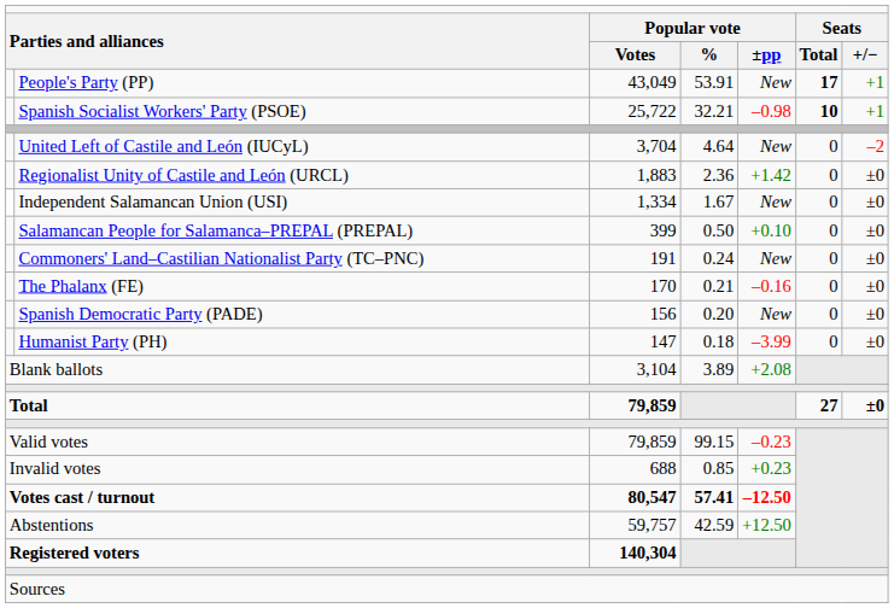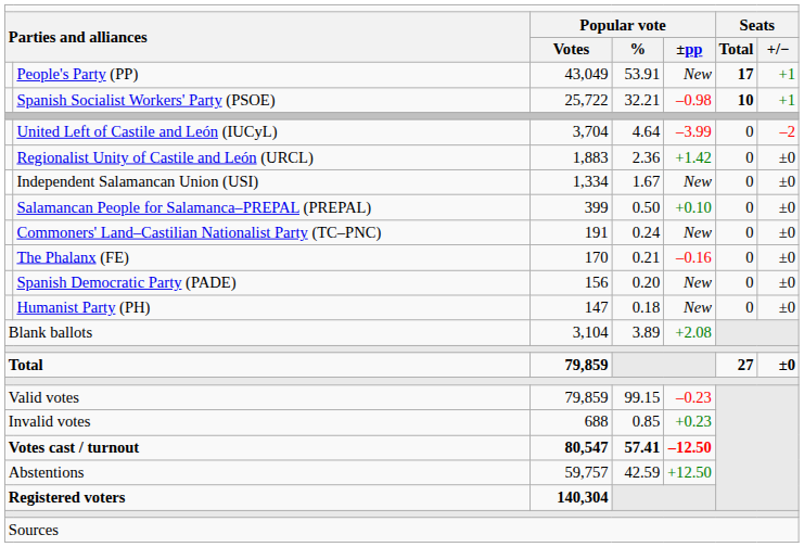 <table class="wikitable" style="text-align:right;">
 <tr>
 <td colspan="7"></td>
 </tr>
 <tr>
 <th style="text-align:left;" rowspan="2" colspan="2" width="525">Parties and alliances</th>
 <th colspan="3">Popular vote</th>
 <th colspan="2">Seats</th>
 </tr>
 <tr>
 <th width="75">Votes</th>
 <th width="45">%</th>
 <th width="45">±<a href='#'>pp</a></th>
 <th width="35">Total</th>
 <th width="35">+/−</th>
 </tr>
 <tr>
 <td width="1" style="color:inherit;background:"></td>
 <td align="left"><a href='#'>People's Party</a> (PP)</td>
 <td>43,049</td>
 <td>53.91</td>
 <td><em>New</em></td>
 <td><strong>17</strong></td>
 <td style="color:green;">+1</td>
 </tr>
 <tr>
 <td style="color:inherit;background:"></td>
 <td align="left"><a href='#'>Spanish Socialist Workers' Party</a> (PSOE)</td>
 <td>25,722</td>
 <td>32.21</td>
 <td style="color:red;">–0.98</td>
 <td><strong>10</strong></td>
 <td style="color:green;">+1</td>
 </tr>
 <tr>
 <td colspan="7" bgcolor="#C0C0C0"></td>
 </tr>
 <tr>
 <td style="color:inherit;background:"></td>
 <td align="left"><a href='#'>United Left of Castile and León</a> (IUCyL)</td>
 <td>3,704</td>
 <td>4.64</td>
-<td><em>New</em></td>
+<td style="color:red;">–3.99</td>
 <td>0</td>
 <td style="color:red;">–2</td>
 </tr>
 <tr>
 <td style="color:inherit;background:"></td>
 <td align="left"><a href='#'>Regionalist Unity of Castile and León</a> (URCL)</td>
 <td>1,883</td>
 <td>2.36</td>
 <td style="color:green;">+1.42</td>
 <td>0</td>
 <td>±0</td>
 </tr>
 <tr>
 <td bgcolor="white"></td>
 <td align="left">Independent Salamancan Union (USI)</td>
 <td>1,334</td>
 <td>1.67</td>
 <td><em>New</em></td>
 <td>0</td>
 <td>±0</td>
 </tr>
 <tr>
 <td style="color:inherit;background:"></td>
 <td align="left"><a href='#'>Salamancan People for Salamanca–PREPAL</a> (PREPAL)</td>
 <td>399</td>
 <td>0.50</td>
 <td style="color:green;">+0.10</td>
 <td>0</td>
 <td>±0</td>
 </tr>
 <tr>
 <td style="color:inherit;background:"></td>
 <td align="left"><a href='#'>Commoners' Land–Castilian Nationalist Party</a> (TC–PNC)</td>
 <td>191</td>
 <td>0.24</td>
 <td><em>New</em></td>
 <td>0</td>
 <td>±0</td>
 </tr>
 <tr>
 <td style="color:inherit;background:"></td>
 <td align="left"><a href='#'>The Phalanx</a> (FE)</td>
 <td>170</td>
 <td>0.21</td>
 <td style="color:red;">–0.16</td>
 <td>0</td>
 <td>±0</td>
 </tr>
 <tr>
 <td style="color:inherit;background:"></td>
 <td align="left"><a href='#'>Spanish Democratic Party</a> (PADE)</td>
 <td>156</td>
 <td>0.20</td>
 <td><em>New</em></td>
 <td>0</td>
 <td>±0</td>
 </tr>
 <tr>
 <td style="color:inherit;background:"></td>
 <td align="left"><a href='#'>Humanist Party</a> (PH)</td>
 <td>147</td>
 <td>0.18</td>
-<td style="color:red;">–3.99</td>
+<td><em>New</em></td>
 <td>0</td>
 <td>±0</td>
 </tr>
 <tr>
 <td align="left" colspan="2">Blank ballots</td>
 <td>3,104</td>
 <td>3.89</td>
 <td style="color:green;">+2.08</td>
 <td bgcolor="#E9E9E9" colspan="2"></td>
 </tr>
 <tr>
 <td colspan="7" bgcolor="#E9E9E9"></td>
 </tr>
 <tr style="font-weight:bold;">
 <td align="left" colspan="2">Total</td>
 <td>79,859</td>
 <td bgcolor="#E9E9E9" colspan="2"></td>
 <td>27</td>
 <td>±0</td>
 </tr>
 <tr>
 <td colspan="7" bgcolor="#E9E9E9"></td>
 </tr>
 <tr>
 <td align="left" colspan="2">Valid votes</td>
 <td>79,859</td>
 <td>99.15</td>
 <td style="color:red;">–0.23</td>
 <td bgcolor="#E9E9E9" colspan="2" rowspan="5"></td>
 </tr>
 <tr>
 <td align="left" colspan="2">Invalid votes</td>
 <td>688</td>
 <td>0.85</td>
 <td style="color:green;">+0.23</td>
 </tr>
 <tr style="font-weight:bold;">
 <td align="left" colspan="2">Votes cast / turnout</td>
 <td>80,547</td>
 <td>57.41</td>
 <td style="color:red;">–12.50</td>
 </tr>
 <tr>
 <td align="left" colspan="2">Abstentions</td>
 <td>59,757</td>
 <td>42.59</td>
 <td style="color:green;">+12.50</td>
 </tr>
 <tr style="font-weight:bold;">
 <td align="left" colspan="2">Registered voters</td>
 <td>140,304</td>
 <td bgcolor="#E9E9E9" colspan="2"></td>
 </tr>
 <tr>
 <td colspan="7" bgcolor="#E9E9E9"></td>
 </tr>
 <tr>
 <td align="left" colspan="7">Sources</td>
 </tr>
 </table>
